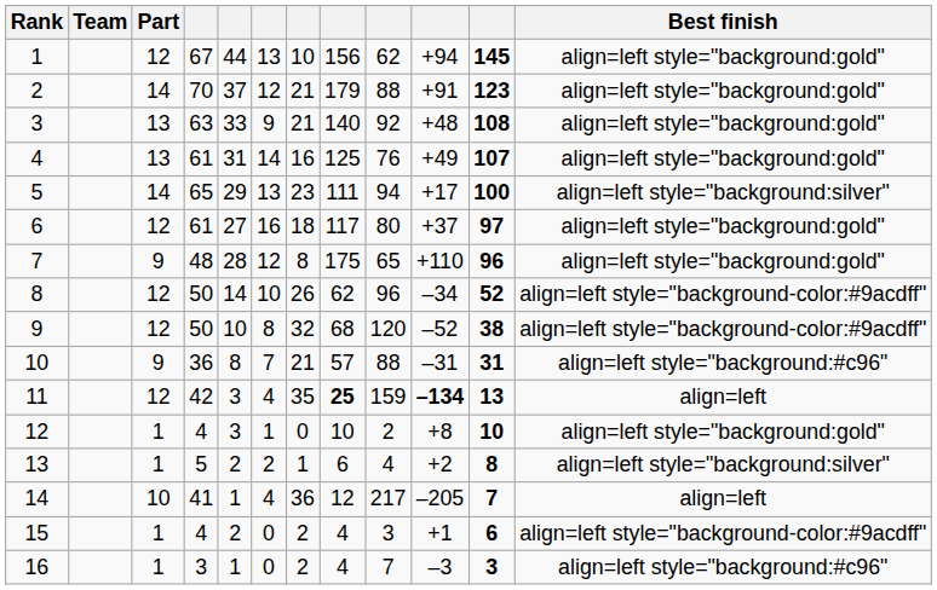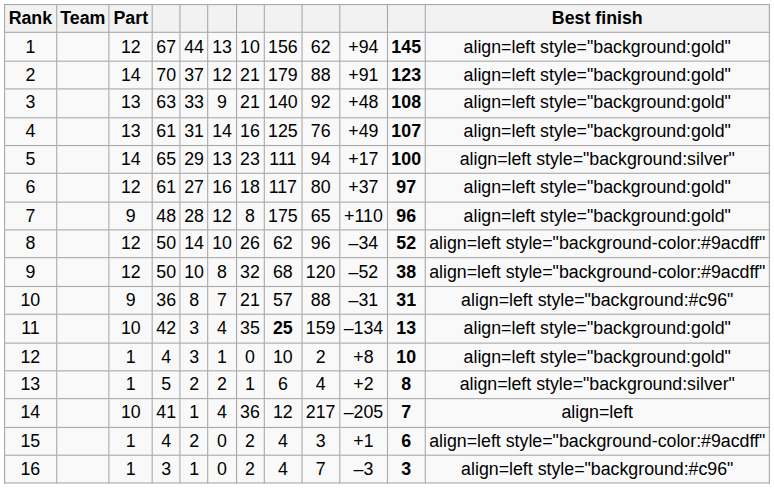 <table class="wikitable sortable" style="text-align:center">
 <tr>
 <th>Rank</th>
 <th>Team</th>
 <th>Part</th>
 <th></th>
 <th></th>
 <th></th>
 <th></th>
 <th></th>
 <th></th>
 <th></th>
 <th></th>
 <th>Best finish</th>
 </tr>
 <tr>
 <td>1</td>
 <td style="text-align:left;"></td>
 <td>12</td>
 <td>67</td>
 <td>44</td>
 <td>13</td>
 <td>10</td>
 <td>156</td>
 <td>62</td>
 <td>+94</td>
 <td><strong>145</strong></td>
 <td>align=left style="background:gold"  </td>
 </tr>
 <tr>
 <td>2</td>
 <td style="text-align:left;"></td>
 <td>14</td>
 <td>70</td>
 <td>37</td>
 <td>12</td>
 <td>21</td>
 <td>179</td>
 <td>88</td>
 <td>+91</td>
 <td><strong>123</strong></td>
 <td>align=left style="background:gold"  </td>
 </tr>
 <tr>
 <td>3</td>
 <td style="text-align:left;"></td>
 <td>13</td>
 <td>63</td>
 <td>33</td>
 <td>9</td>
 <td>21</td>
 <td>140</td>
 <td>92</td>
 <td>+48</td>
 <td><strong>108</strong></td>
 <td>align=left style="background:gold"  </td>
 </tr>
 <tr>
 <td>4</td>
 <td style="text-align:left;"></td>
 <td>13</td>
 <td>61</td>
 <td>31</td>
 <td>14</td>
 <td>16</td>
 <td>125</td>
 <td>76</td>
 <td>+49</td>
 <td><strong>107</strong></td>
 <td>align=left style="background:gold"  </td>
 </tr>
 <tr>
 <td>5</td>
 <td style="text-align:left;"></td>
 <td>14</td>
 <td>65</td>
 <td>29</td>
 <td>13</td>
 <td>23</td>
 <td>111</td>
 <td>94</td>
 <td>+17</td>
 <td><strong>100</strong></td>
 <td>align=left style="background:silver"  </td>
 </tr>
 <tr>
 <td>6</td>
 <td style="text-align:left;"></td>
 <td>12</td>
 <td>61</td>
 <td>27</td>
 <td>16</td>
 <td>18</td>
 <td>117</td>
 <td>80</td>
 <td>+37</td>
 <td><strong>97</strong></td>
 <td>align=left style="background:gold"  </td>
 </tr>
 <tr>
 <td>7</td>
 <td style="text-align:left;"></td>
 <td>9</td>
 <td>48</td>
 <td>28</td>
 <td>12</td>
 <td>8</td>
 <td>175</td>
 <td>65</td>
 <td>+110</td>
 <td><strong>96</strong></td>
 <td>align=left style="background:gold"  </td>
 </tr>
 <tr>
 <td>8</td>
 <td style="text-align:left;"></td>
 <td>12</td>
 <td>50</td>
 <td>14</td>
 <td>10</td>
 <td>26</td>
 <td>62</td>
 <td>96</td>
 <td>–34</td>
 <td><strong>52</strong></td>
 <td>align=left style="background-color:#9acdff"  </td>
 </tr>
 <tr>
 <td>9</td>
 <td style="text-align:left;"></td>
 <td>12</td>
 <td>50</td>
 <td>10</td>
 <td>8</td>
 <td>32</td>
 <td>68</td>
 <td>120</td>
 <td>–52</td>
 <td><strong>38</strong></td>
 <td>align=left style="background-color:#9acdff"  </td>
 </tr>
 <tr>
 <td>10</td>
 <td style="text-align:left;"></td>
 <td>9</td>
 <td>36</td>
 <td>8</td>
 <td>7</td>
 <td>21</td>
 <td>57</td>
 <td>88</td>
 <td>–31</td>
 <td><strong>31</strong></td>
 <td>align=left style="background:#c96"  </td>
 </tr>
 <tr>
 <td>11</td>
 <td style="text-align:left;"></td>
-<td>12</td>
+<td>10</td>
 <td>42</td>
 <td>3</td>
 <td>4</td>
 <td>35</td>
 <td><strong>25</strong></td>
 <td>159</td>
-<td><strong>–134</strong></td>
+<td>–134</td>
 <td><strong>13</strong></td>
-<td>align=left  </td>
+<td>align=left style="background:gold"  </td>
 </tr>
 <tr>
 <td>12</td>
 <td style="text-align:left;"></td>
 <td>1</td>
 <td>4</td>
 <td>3</td>
 <td>1</td>
 <td>0</td>
 <td>10</td>
 <td>2</td>
 <td>+8</td>
 <td><strong>10</strong></td>
 <td>align=left style="background:gold"  </td>
 </tr>
 <tr>
 <td>13</td>
 <td style="text-align:left;"></td>
 <td>1</td>
 <td>5</td>
 <td>2</td>
 <td>2</td>
 <td>1</td>
 <td>6</td>
 <td>4</td>
 <td>+2</td>
 <td><strong>8</strong></td>
 <td>align=left style="background:silver"  </td>
 </tr>
 <tr>
 <td>14</td>
 <td style="text-align:left;"></td>
 <td>10</td>
 <td>41</td>
 <td>1</td>
 <td>4</td>
 <td>36</td>
 <td>12</td>
 <td>217</td>
 <td>–205</td>
 <td><strong>7</strong></td>
 <td>align=left  </td>
 </tr>
 <tr>
 <td>15</td>
 <td style="text-align:left;"></td>
 <td>1</td>
 <td>4</td>
 <td>2</td>
 <td>0</td>
 <td>2</td>
 <td>4</td>
 <td>3</td>
 <td>+1</td>
 <td><strong>6</strong></td>
 <td>align=left style="background-color:#9acdff"  </td>
 </tr>
 <tr>
 <td>16</td>
 <td style="text-align:left;"></td>
 <td>1</td>
 <td>3</td>
 <td>1</td>
 <td>0</td>
 <td>2</td>
 <td>4</td>
 <td>7</td>
 <td>–3</td>
 <td><strong>3</strong></td>
 <td>align=left style="background:#c96"  </td>
 </tr>
 </table>
